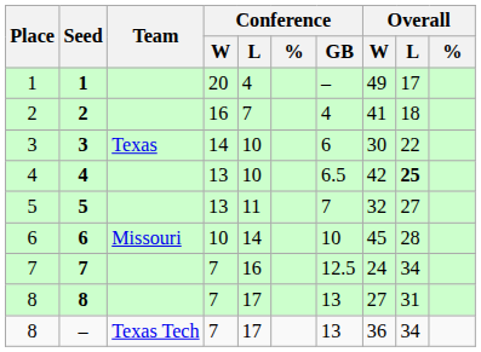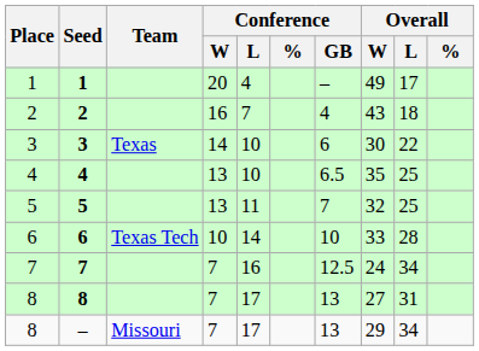 <table class="wikitable">
 <tr>
 <th rowspan ="2">Place</th>
 <th rowspan ="2">Seed</th>
 <th rowspan ="2">Team</th>
 <th colspan = "4">Conference</th>
 <th colspan = "3">Overall</th>
 </tr>
 <tr>
 <th scope="col" style="width: 20px;">W</th>
 <th scope="col" style="width: 20px;">L</th>
 <th scope="col" style="width: 30px;">%</th>
 <th scope="col" style="width: 30px;">GB</th>
 <th scope="col" style="width: 20px;">W</th>
 <th scope="col" style="width: 20px;">L</th>
 <th scope="col" style="width: 30px;">%</th>
 </tr>
 <tr bgcolor=#ccffcc>
 <td style="text-align:center;">1</td>
 <td style="text-align:center;"><strong>1</strong></td>
 <td></td>
 <td>20</td>
 <td>4</td>
 <td></td>
 <td>–</td>
 <td>49</td>
 <td>17</td>
 <td></td>
 </tr>
 <tr bgcolor=#ccffcc>
 <td style="text-align:center;">2</td>
 <td style="text-align:center;"><strong>2</strong></td>
 <td></td>
 <td>16</td>
 <td>7</td>
 <td></td>
 <td>4</td>
-<td>41</td>
+<td>43</td>
 <td>18</td>
 <td></td>
 </tr>
 <tr bgcolor=#ccffcc>
 <td style="text-align:center;">3</td>
 <td style="text-align:center;"><strong>3</strong></td>
 <td><a href='#'>Texas</a></td>
 <td>14</td>
 <td>10</td>
 <td></td>
 <td>6</td>
 <td>30</td>
 <td>22</td>
 <td></td>
 </tr>
 <tr bgcolor=#ccffcc>
 <td style="text-align:center;">4</td>
 <td style="text-align:center;"><strong>4</strong></td>
 <td></td>
 <td>13</td>
 <td>10</td>
 <td></td>
 <td>6.5</td>
-<td>42</td>
-<td><strong>25</strong></td>
+<td>35</td>
+<td>25</td>
 <td></td>
 </tr>
 <tr bgcolor=#ccffcc>
 <td style="text-align:center;">5</td>
 <td style="text-align:center;"><strong>5</strong></td>
 <td></td>
 <td>13</td>
 <td>11</td>
 <td></td>
 <td>7</td>
 <td>32</td>
-<td>27</td>
+<td>25</td>
 <td></td>
 </tr>
 <tr bgcolor=#ccffcc>
 <td style="text-align:center;">6</td>
 <td style="text-align:center;"><strong>6</strong></td>
-<td><a href='#'>Missouri</a></td>
+<td><a href='#'>Texas Tech</a></td>
 <td>10</td>
 <td>14</td>
 <td></td>
 <td>10</td>
-<td>45</td>
+<td>33</td>
 <td>28</td>
 <td></td>
 </tr>
 <tr bgcolor=#ccffcc>
 <td style="text-align:center;">7</td>
 <td style="text-align:center;"><strong>7</strong></td>
 <td></td>
 <td>7</td>
 <td>16</td>
 <td></td>
 <td>12.5</td>
 <td>24</td>
 <td>34</td>
 <td></td>
 </tr>
 <tr bgcolor=#ccffcc>
 <td style="text-align:center;">8</td>
 <td style="text-align:center;"><strong>8</strong></td>
 <td></td>
 <td>7</td>
 <td>17</td>
 <td></td>
 <td>13</td>
 <td>27</td>
 <td>31</td>
 <td></td>
 </tr>
 <tr>
 <td style="text-align:center;">8</td>
 <td style="text-align:center;">–</td>
-<td><a href='#'>Texas Tech</a></td>
+<td><a href='#'>Missouri</a></td>
 <td>7</td>
 <td>17</td>
 <td></td>
 <td>13</td>
-<td>36</td>
+<td>29</td>
 <td>34</td>
 <td></td>
 </tr>
 </table>
